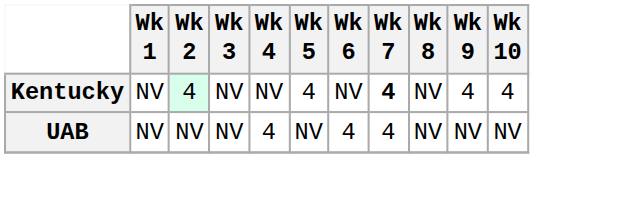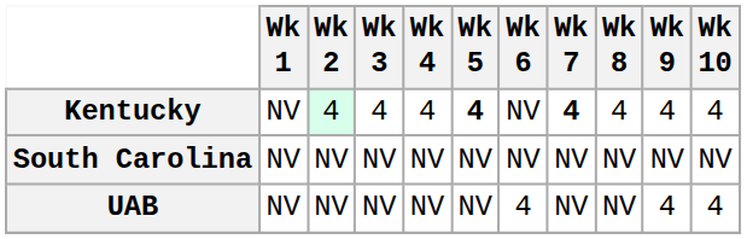 <table class="wikitable" style="white-space:nowrap;font-size:90%;text-align:center;">
 <tr>
 <th style="background:white; border-top-style:hidden; border-left-style:hidden;"> </th>
 <th>Wk<br> 1</th>
 <th>Wk<br>2</th>
 <th>Wk<br>3</th>
 <th>Wk<br>4</th>
 <th>Wk<br>5</th>
 <th>Wk<br>6</th>
 <th>Wk<br>7</th>
 <th>Wk<br>8</th>
 <th>Wk<br>9</th>
 <th>Wk<br>10</th>
 </tr>
 <tr>
 <th>Kentucky</th>
 <td style="background:#FFF;">NV</td>
 <td style="background:#d8ffeb;">4</td>
+<td style="background:#FFF;">4</td>
+<td style="background:#FFF;">4</td>
+<td style="background:#FFF;"><strong>4</strong></td>
+<td style="background:#FFF;">NV</td>
+<td style="background:#FFF;"><strong>4</strong></td>
+<td style="background:#FFF;">4</td>
+<td style="background:#FFF;">4</td>
+<td style="background:#FFF;">4</td>
+</tr>
+<tr>
+<th>South Carolina</th>
 <td style="background:#FFF;">NV</td>
 <td style="background:#FFF;">NV</td>
-<td style="background:#FFF;">4</td>
 <td style="background:#FFF;">NV</td>
-<td style="background:#FFF;"><strong>4</strong></td>
 <td style="background:#FFF;">NV</td>
-<td style="background:#FFF;">4</td>
-<td style="background:#FFF;">4</td>
+<td style="background:#FFF;">NV</td>
+<td style="background:#FFF;">NV</td>
+<td style="background:#FFF;">NV</td>
+<td style="background:#FFF;">NV</td>
+<td style="background:#FFF;">NV</td>
+<td style="background:#FFF;">NV</td>
 </tr>
 <tr>
 <th>UAB</th>
 <td style="background:#FFF;">NV</td>
 <td style="background:#FFF;">NV</td>
 <td style="background:#FFF;">NV</td>
+<td style="background:#FFF;">NV</td>
+<td style="background:#FFF;">NV</td>
 <td style="background:#FFF;">4</td>
+<td style="background:#FFF;">NV</td>
 <td style="background:#FFF;">NV</td>
 <td style="background:#FFF;">4</td>
 <td style="background:#FFF;">4</td>
-<td style="background:#FFF;">NV</td>
-<td style="background:#FFF;">NV</td>
-<td style="background:#FFF;">NV</td>
 </tr>
 <tr>
 </tr>
 </table>
